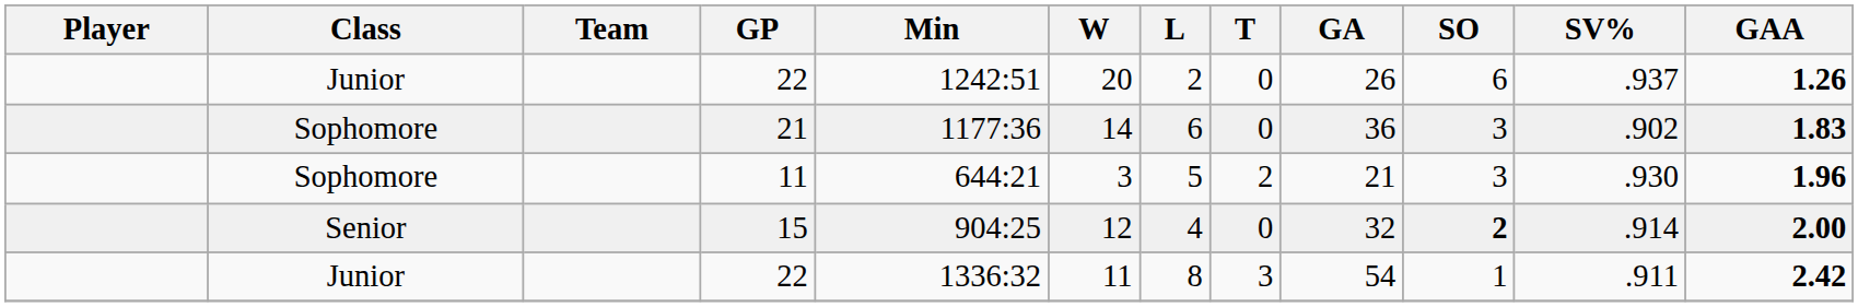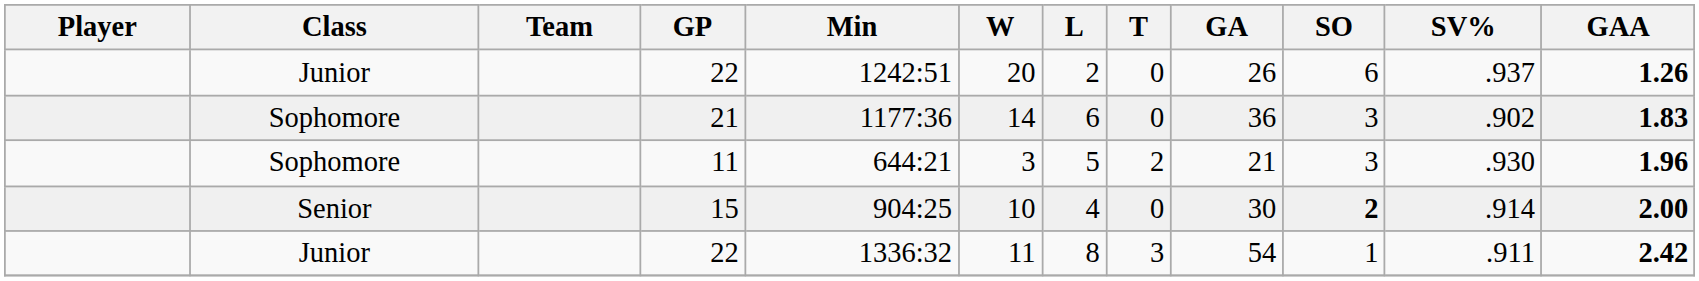 <table class="wikitable sortable" style="text-align: center; "width=60%">
 <tr>
 <th>Player</th>
 <th>Class</th>
 <th>Team</th>
 <th>GP</th>
 <th>Min</th>
 <th>W</th>
 <th>L</th>
 <th>T</th>
 <th>GA</th>
 <th>SO</th>
 <th>SV%</th>
 <th>GAA</th>
 </tr>
 <tr>
 <td align=left></td>
 <td>Junior</td>
 <td><strong><a href='#'></a></strong></td>
 <td align=right>22</td>
 <td align=right>1242:51</td>
 <td align=right>20</td>
 <td align=right>2</td>
 <td align=right>0</td>
 <td align=right>26</td>
 <td align=right>6</td>
 <td align=right>.937</td>
 <td align=right><strong>1.26</strong></td>
 </tr>
 <tr bgcolor=f0f0f0>
 <td align=left></td>
 <td>Sophomore</td>
 <td><strong><a href='#'></a></strong></td>
 <td align=right>21</td>
 <td align=right>1177:36</td>
 <td align=right>14</td>
 <td align=right>6</td>
 <td align=right>0</td>
 <td align=right>36</td>
 <td align=right>3</td>
 <td align=right>.902</td>
 <td align=right><strong>1.83</strong></td>
 </tr>
 <tr>
 <td align=left></td>
 <td>Sophomore</td>
 <td><strong><a href='#'></a></strong></td>
 <td align=right>11</td>
 <td align=right>644:21</td>
 <td align=right>3</td>
 <td align=right>5</td>
 <td align=right>2</td>
 <td align=right>21</td>
 <td align=right>3</td>
 <td align=right>.930</td>
 <td align=right><strong>1.96</strong></td>
 </tr>
 <tr bgcolor=f0f0f0>
 <td align=left></td>
 <td>Senior</td>
 <td><strong><a href='#'></a></strong></td>
 <td align=right>15</td>
 <td align=right>904:25</td>
-<td align=right>12</td>
+<td align=right>10</td>
 <td align=right>4</td>
 <td align=right>0</td>
-<td align=right>32</td>
+<td align=right>30</td>
 <td align=right><strong>2</strong></td>
 <td align=right>.914</td>
 <td align=right><strong>2.00</strong></td>
 </tr>
 <tr>
 <td align=left></td>
 <td>Junior</td>
 <td><strong><a href='#'></a></strong></td>
 <td align=right>22</td>
 <td align=right>1336:32</td>
 <td align=right>11</td>
 <td align=right>8</td>
 <td align=right>3</td>
 <td align=right>54</td>
 <td align=right>1</td>
 <td align=right>.911</td>
 <td align=right><strong>2.42</strong></td>
 </tr>
 <tr>
 </tr>
 </table>
